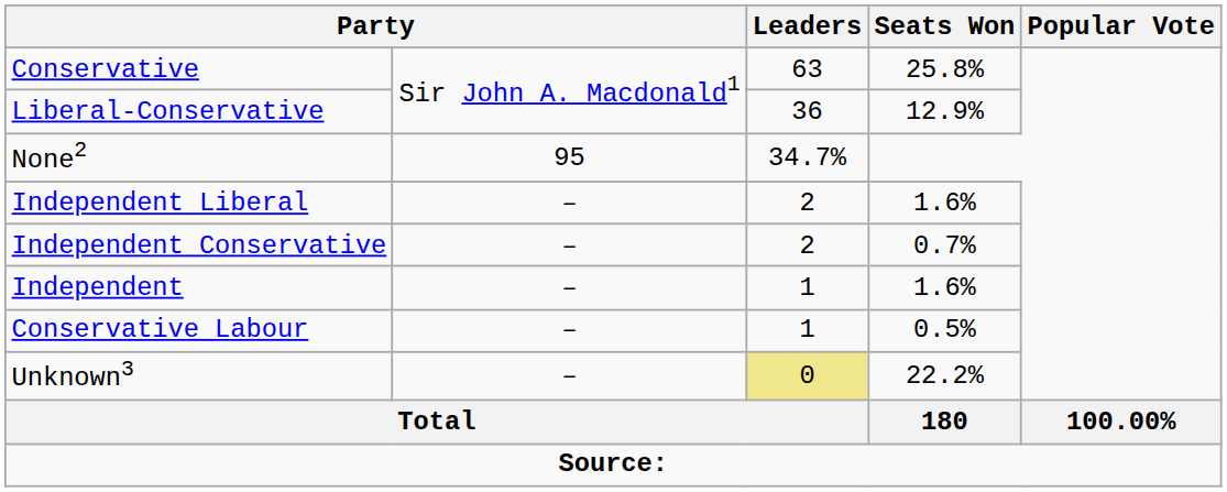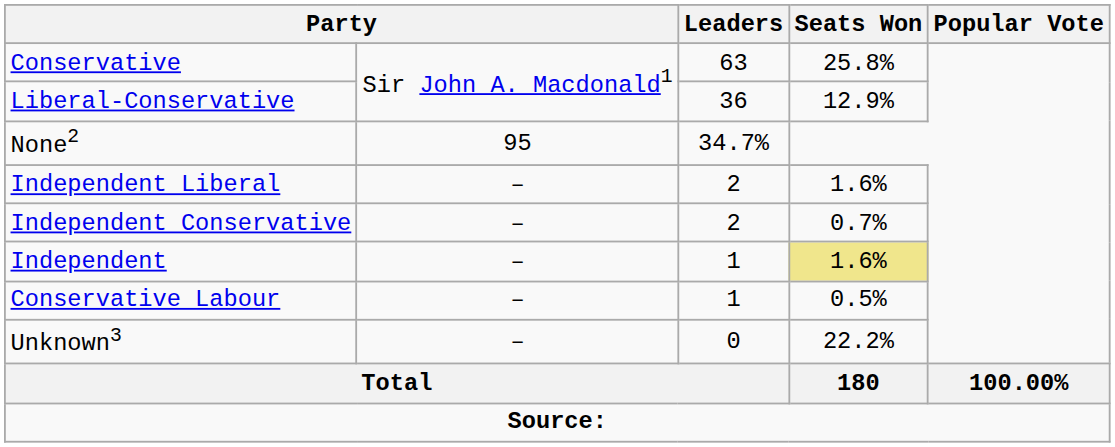 <table class="wikitable">
 <tr>
 <th colspan="2">Party</th>
 <th>Leaders</th>
 <th>Seats Won</th>
 <th>Popular Vote</th>
 </tr>
 <tr>
 <td><a href='#'>Conservative</a></td>
 <td rowspan=2>Sir <a href='#'>John A. Macdonald</a><sup>1</sup></td>
 <td align=center>63</td>
 <td align=center>25.8%</td>
 </tr>
 <tr>
 <td><a href='#'>Liberal-Conservative</a></td>
 <td align=center>36</td>
 <td align=center>12.9%</td>
 </tr>
 <tr>
 <td>None<sup>2</sup></td>
 <td align=center>95</td>
 <td align=center>34.7%</td>
 </tr>
 <tr>
 <td><a href='#'>Independent Liberal</a></td>
 <td align=center>–</td>
 <td align=center>2</td>
 <td align=center>1.6%</td>
 </tr>
 <tr>
 <td><a href='#'>Independent Conservative</a></td>
 <td align=center>–</td>
 <td align=center>2</td>
 <td align=center>0.7%</td>
 </tr>
 <tr>
 <td><a href='#'>Independent</a></td>
 <td align=center>–</td>
 <td align=center>1</td>
-<td align=center>1.6%</td>
+<td align=center style="background: khaki;">1.6%</td>
 </tr>
 <tr>
 <td><a href='#'>Conservative Labour</a></td>
 <td align=center>–</td>
 <td align=center>1</td>
 <td align=center>0.5%</td>
 </tr>
 <tr>
 <td>Unknown<sup>3</sup></td>
 <td align=center>–</td>
-<td align=center style="background: khaki;">0</td>
+<td align=center>0</td>
 <td align=center>22.2%</td>
 </tr>
 <tr>
 <th colspan=3 align=left>Total</th>
 <th align=right>180</th>
 <th align=right>100.00%</th>
 </tr>
 <tr>
 <td align="center" colspan=5><strong>Source:</strong>  </td>
 </tr>
 </table>
